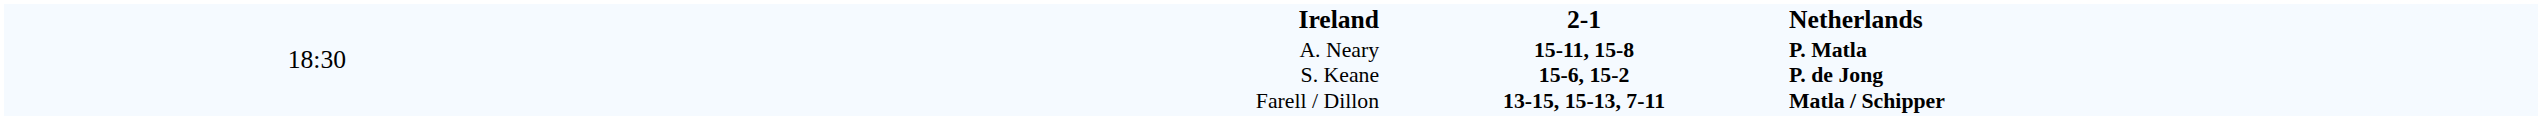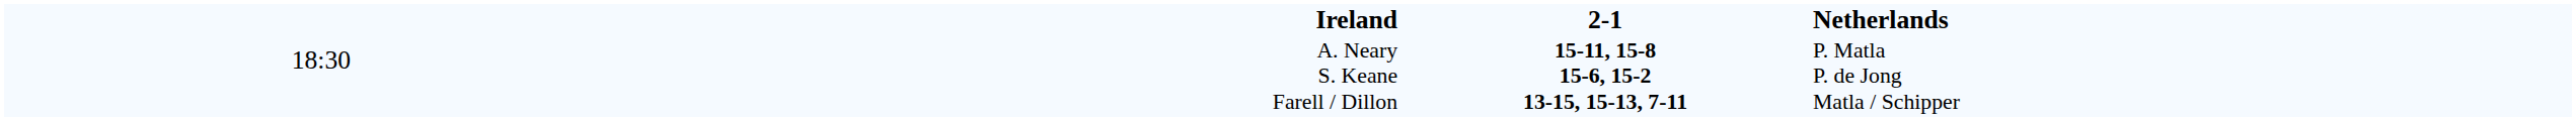 <table style="width: 100%; background:#F5FAFF;" cellspacing="0">
 <tr>
 <td align=center rowspan=3 width=20%>18:30</td>
 </tr>
 <tr>
 <td width=24% align=right><strong>Ireland</strong></td>
 <td align=center width=13%><strong>2-1</strong></td>
 <td width=24%><strong>Netherlands</strong></td>
 </tr>
 <tr style=font-size:85%>
 <td align=right valign=top>A. Neary<br>S. Keane<br>Farell / Dillon</td>
 <td align=center><strong>15-11, 15-8<br>15-6, 15-2<br>13-15, 15-13, 7-11</strong></td>
-<td valign=top><strong>P. Matla<br>P. de Jong<br>Matla / Schipper</strong></td>
+<td valign=top>P. Matla<br>P. de Jong<br>Matla / Schipper</td>
 </tr>
 </table>
